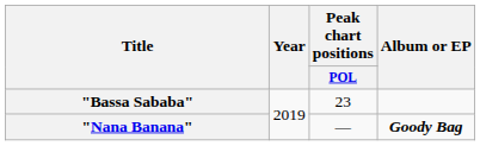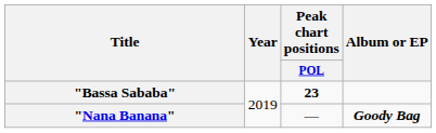 <table class="wikitable plainrowheaders" style="text-align:center;">
 <tr>
 <th rowspan="2" scope="col" style="width:16em;">Title</th>
 <th rowspan="2" scope="col" style="width:1em;">Year</th>
 <th>Peak chart positions</th>
 <th rowspan="2" scope="col">Album or EP</th>
 </tr>
 <tr>
 <th scope="col" style="width:3em;font-size:85%;"><a href='#'>POL</a><br></th>
 </tr>
 <tr>
 <th scope="row">"Bassa Sababa"<br></th>
 <td rowspan="2">2019</td>
-<td>23</td>
+<td><strong>23</strong></td>
 <td></td>
 </tr>
 <tr>
 <th scope="row">"<a href='#'>Nana Banana</a>"</th>
 <td>—</td>
 <td><strong><em>Goody Bag</em></strong></td>
 </tr>
 </table>
